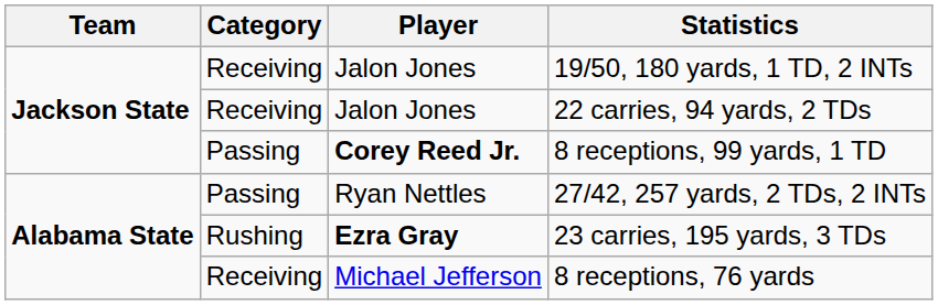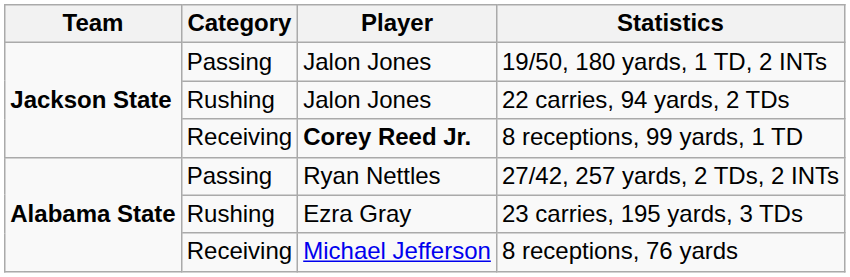 <table class="wikitable" style="float: left;">
 <tr>
 <th>Team</th>
 <th>Category</th>
 <th>Player</th>
 <th>Statistics</th>
 </tr>
 <tr>
 <td rowspan=3><strong>Jackson State</strong></td>
-<td>Receiving</td>
+<td>Passing</td>
 <td>Jalon Jones</td>
 <td>19/50, 180 yards, 1 TD, 2 INTs</td>
 </tr>
 <tr>
-<td>Receiving</td>
+<td>Rushing</td>
 <td>Jalon Jones</td>
 <td>22 carries, 94 yards, 2 TDs</td>
 </tr>
 <tr>
-<td>Passing</td>
+<td>Receiving</td>
 <td><strong>Corey Reed Jr.</strong></td>
 <td>8 receptions, 99 yards, 1 TD</td>
 </tr>
 <tr>
 <td rowspan=3><strong>Alabama State</strong></td>
 <td>Passing</td>
 <td>Ryan Nettles</td>
 <td>27/42, 257 yards, 2 TDs, 2 INTs</td>
 </tr>
 <tr>
 <td>Rushing</td>
-<td><strong>Ezra Gray</strong></td>
+<td>Ezra Gray</td>
 <td>23 carries, 195 yards, 3 TDs</td>
 </tr>
 <tr>
 <td>Receiving</td>
 <td><a href='#'>Michael Jefferson</a></td>
 <td>8 receptions, 76 yards</td>
 </tr>
 </table>
